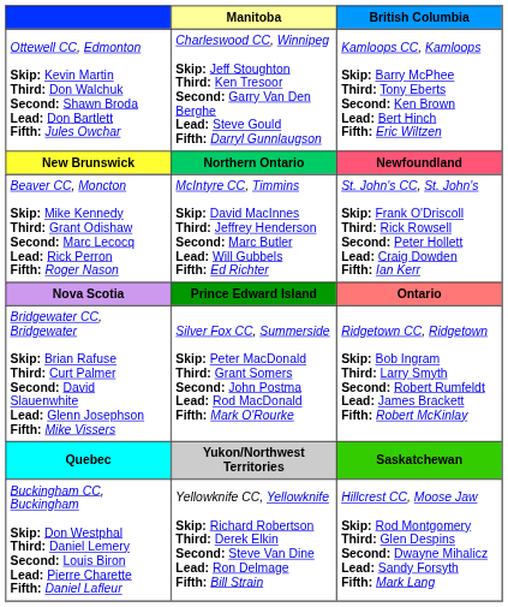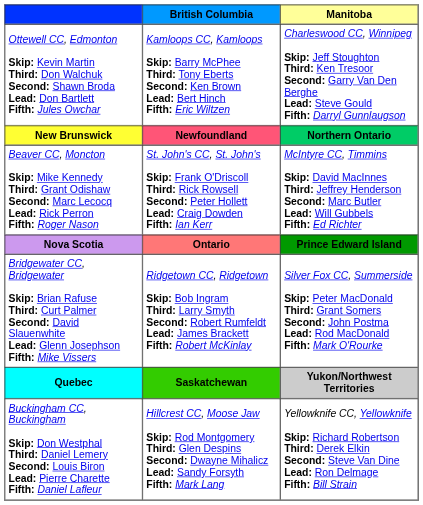 <table border=1 cellpadding=5 cellspacing=0>
 <tr>
 <th bgcolor=#0033ff width=200></th>
+<th bgcolor=#0099ff width=200>British Columbia</th>
 <th bgcolor=#ffff99 width=200>Manitoba</th>
-<th bgcolor=#0099ff width=200>British Columbia</th>
 </tr>
 <tr>
 <td><em><a href='#'>Ottewell CC</a>, <a href='#'>Edmonton</a></em><br><br><strong>Skip:</strong> <a href='#'>Kevin Martin</a> <br> <strong>Third:</strong> <a href='#'>Don Walchuk</a> <br> <strong>Second:</strong> <a href='#'>Shawn Broda</a> <br> <strong>Lead:</strong> <a href='#'>Don Bartlett</a> <br> <strong>Fifth:</strong> <em><a href='#'>Jules Owchar</a></em></td>
+<td><em><a href='#'>Kamloops CC</a>, <a href='#'>Kamloops</a></em><br><br><strong>Skip:</strong> <a href='#'>Barry McPhee</a><br>  <strong>Third:</strong> <a href='#'>Tony Eberts</a><br> <strong>Second:</strong> <a href='#'>Ken Brown</a><br> <strong>Lead:</strong> <a href='#'>Bert Hinch</a> <br> <strong>Fifth:</strong> <em><a href='#'>Eric Wiltzen</a></em></td>
 <td><em><a href='#'>Charleswood CC</a>, <a href='#'>Winnipeg</a></em><br><br><strong>Skip:</strong> <a href='#'>Jeff Stoughton</a> <br> <strong>Third:</strong> <a href='#'>Ken Tresoor</a> <br> <strong>Second:</strong> <a href='#'>Garry Van Den Berghe</a> <br> <strong>Lead:</strong> <a href='#'>Steve Gould</a> <br> <strong>Fifth:</strong> <em><a href='#'>Darryl Gunnlaugson</a></em></td>
-<td><em><a href='#'>Kamloops CC</a>, <a href='#'>Kamloops</a></em><br><br><strong>Skip:</strong> <a href='#'>Barry McPhee</a><br>  <strong>Third:</strong> <a href='#'>Tony Eberts</a><br> <strong>Second:</strong> <a href='#'>Ken Brown</a><br> <strong>Lead:</strong> <a href='#'>Bert Hinch</a> <br> <strong>Fifth:</strong> <em><a href='#'>Eric Wiltzen</a></em></td>
 </tr>
 <tr border=1 cellpadding=5 cellspacing=0>
 <th bgcolor=#ffff33 width=200>New Brunswick</th>
+<th bgcolor=#ff5577 width=200>Newfoundland</th>
 <th bgcolor=#00CC66 width=200>Northern Ontario</th>
-<th bgcolor=#ff5577 width=200>Newfoundland</th>
 </tr>
 <tr>
 <td><em><a href='#'>Beaver CC</a>, <a href='#'>Moncton</a></em><br><br><strong>Skip:</strong> <a href='#'>Mike Kennedy</a><br> <strong>Third:</strong> <a href='#'>Grant Odishaw</a><br> <strong>Second:</strong> <a href='#'>Marc Lecocq</a><br> <strong>Lead:</strong> <a href='#'>Rick Perron</a> <br> <strong>Fifth:</strong> <em><a href='#'>Roger Nason</a></em></td>
+<td><em><a href='#'>St. John's CC</a>, <a href='#'>St. John's</a></em><br><br><strong>Skip:</strong> <a href='#'>Frank O'Driscoll</a><br> <strong>Third:</strong> <a href='#'>Rick Rowsell</a><br> <strong>Second:</strong> <a href='#'>Peter Hollett</a><br> <strong>Lead:</strong> <a href='#'>Craig Dowden</a> <br> <strong>Fifth:</strong> <em><a href='#'>Ian Kerr</a></em></td>
 <td><em><a href='#'>McIntyre CC</a>, <a href='#'>Timmins</a></em><br><br><strong>Skip:</strong> <a href='#'>David MacInnes</a><br> <strong>Third:</strong> <a href='#'>Jeffrey Henderson</a><br> <strong>Second:</strong> <a href='#'>Marc Butler</a><br> <strong>Lead:</strong> <a href='#'>Will Gubbels</a> <br> <strong>Fifth:</strong> <em><a href='#'>Ed Richter</a></em></td>
-<td><em><a href='#'>St. John's CC</a>, <a href='#'>St. John's</a></em><br><br><strong>Skip:</strong> <a href='#'>Frank O'Driscoll</a><br> <strong>Third:</strong> <a href='#'>Rick Rowsell</a><br> <strong>Second:</strong> <a href='#'>Peter Hollett</a><br> <strong>Lead:</strong> <a href='#'>Craig Dowden</a> <br> <strong>Fifth:</strong> <em><a href='#'>Ian Kerr</a></em></td>
 </tr>
 <tr border=1 cellpadding=5 cellspacing=0>
 <th bgcolor=#cc99ee width=200>Nova Scotia</th>
+<th bgcolor=#ff7777 width=200>Ontario</th>
 <th bgcolor=#009900 width=200>Prince Edward Island</th>
-<th bgcolor=#ff7777 width=200>Ontario</th>
 </tr>
 <tr>
 <td><em><a href='#'>Bridgewater CC</a>, <a href='#'>Bridgewater</a></em><br><br><strong>Skip:</strong> <a href='#'>Brian Rafuse</a> <br> <strong>Third:</strong> <a href='#'>Curt Palmer</a> <br> <strong>Second:</strong> <a href='#'>David Slauenwhite</a> <br> <strong>Lead:</strong> <a href='#'>Glenn Josephson</a> <br> <strong>Fifth:</strong> <em><a href='#'>Mike Vissers</a></em></td>
+<td><em><a href='#'>Ridgetown CC</a>, <a href='#'>Ridgetown</a></em><br><br><strong>Skip:</strong> <a href='#'>Bob Ingram</a> <br> <strong>Third:</strong> <a href='#'>Larry Smyth</a> <br> <strong>Second:</strong> <a href='#'>Robert Rumfeldt</a> <br> <strong>Lead:</strong> <a href='#'>James Brackett</a> <br> <strong>Fifth:</strong> <em><a href='#'>Robert McKinlay</a></em></td>
 <td><em><a href='#'>Silver Fox CC</a>, <a href='#'>Summerside</a></em><br><br><strong>Skip:</strong> <a href='#'>Peter MacDonald</a> <br> <strong>Third:</strong> <a href='#'>Grant Somers</a><br> <strong>Second:</strong> <a href='#'>John Postma</a> <br> <strong>Lead:</strong> <a href='#'>Rod MacDonald</a> <br> <strong>Fifth:</strong> <em><a href='#'>Mark O'Rourke</a></em></td>
-<td><em><a href='#'>Ridgetown CC</a>, <a href='#'>Ridgetown</a></em><br><br><strong>Skip:</strong> <a href='#'>Bob Ingram</a> <br> <strong>Third:</strong> <a href='#'>Larry Smyth</a> <br> <strong>Second:</strong> <a href='#'>Robert Rumfeldt</a> <br> <strong>Lead:</strong> <a href='#'>James Brackett</a> <br> <strong>Fifth:</strong> <em><a href='#'>Robert McKinlay</a></em></td>
 </tr>
 <tr border=1 cellpadding=5 cellspacing=0>
 <th bgcolor=#00ffff width=200>Quebec</th>
+<th bgcolor=#33cc00 width=200>Saskatchewan</th>
 <th bgcolor=#cccccc width=200>Yukon/Northwest Territories</th>
-<th bgcolor=#33cc00 width=200>Saskatchewan</th>
 </tr>
 <tr>
 <td><em><a href='#'>Buckingham CC</a>, <a href='#'>Buckingham</a></em><br><br><strong>Skip:</strong> <a href='#'>Don Westphal</a><br> <strong>Third:</strong> <a href='#'>Daniel Lemery</a><br> <strong>Second:</strong> <a href='#'>Louis Biron</a> <br> <strong>Lead:</strong> <a href='#'>Pierre Charette</a> <br> <strong>Fifth:</strong> <em><a href='#'>Daniel Lafleur</a></em></td>
+<td><em><a href='#'>Hillcrest CC</a>, <a href='#'>Moose Jaw</a></em><br><br><strong>Skip:</strong> <a href='#'>Rod Montgomery</a><br> <strong>Third:</strong> <a href='#'>Glen Despins</a><br> <strong>Second:</strong> <a href='#'>Dwayne Mihalicz</a><br> <strong>Lead:</strong> <a href='#'>Sandy Forsyth</a><br> <strong>Fifth:</strong> <em><a href='#'>Mark Lang</a></em></td>
 <td><em>Yellowknife CC, <a href='#'>Yellowknife</a></em><br><br><strong>Skip:</strong> <a href='#'>Richard Robertson</a> <br> <strong>Third:</strong> <a href='#'>Derek Elkin</a><br> <strong>Second:</strong> <a href='#'>Steve Van Dine</a> <br> <strong>Lead:</strong> <a href='#'>Ron Delmage</a><br> <strong>Fifth:</strong> <em><a href='#'>Bill Strain</a></em></td>
-<td><em><a href='#'>Hillcrest CC</a>, <a href='#'>Moose Jaw</a></em><br><br><strong>Skip:</strong> <a href='#'>Rod Montgomery</a><br> <strong>Third:</strong> <a href='#'>Glen Despins</a><br> <strong>Second:</strong> <a href='#'>Dwayne Mihalicz</a><br> <strong>Lead:</strong> <a href='#'>Sandy Forsyth</a><br> <strong>Fifth:</strong> <em><a href='#'>Mark Lang</a></em></td>
 </tr>
 </table>
